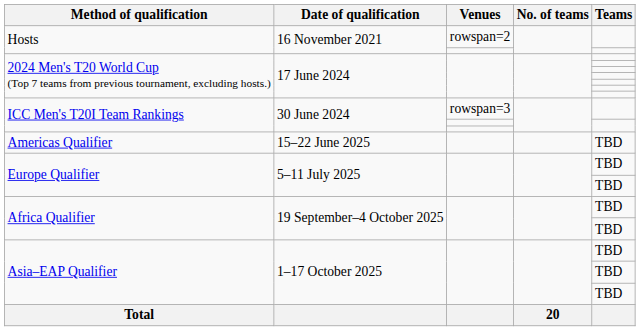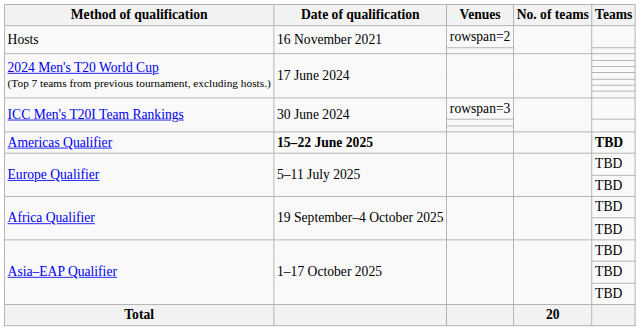 <table class="wikitable">
 <tr>
 <th scope="col">Method of qualification</th>
 <th>Date of qualification</th>
 <th>Venues</th>
 <th>No. of teams</th>
 <th>Teams</th>
 </tr>
 <tr>
 <td rowspan=2>Hosts</td>
 <td rowspan=2>16 November 2021</td>
 <td>rowspan=2 </td>
 <td rowspan=2><strong></strong></td>
 <td></td>
 </tr>
 <tr>
 <td></td>
 </tr>
 <tr>
 <td rowspan=7><a href='#'>2024 Men's T20 World Cup</a><br><small>(Top 7 teams from previous tournament, excluding hosts.)</small></td>
 <td rowspan=7>17 June 2024</td>
 <td rowspan=7><br></td>
 <td rowspan=7><strong></strong></td>
 <td></td>
 </tr>
 <tr>
 <td></td>
 </tr>
 <tr>
 <td></td>
 </tr>
 <tr>
 <td></td>
 </tr>
 <tr>
 <td></td>
 </tr>
 <tr>
 <td></td>
 </tr>
 <tr>
 <td></td>
 </tr>
 <tr>
 <td rowspan=3><a href='#'>ICC Men's T20I Team Rankings</a></td>
 <td rowspan=3>30 June 2024</td>
 <td>rowspan=3 </td>
 <td rowspan=3><strong></strong></td>
 <td></td>
 </tr>
 <tr>
 <td></td>
 </tr>
 <tr>
 <td></td>
 </tr>
 <tr>
 <td><a href='#'>Americas Qualifier</a></td>
-<td>15–22 June 2025</td>
+<td><strong>15–22 June 2025</strong></td>
 <td></td>
 <td><strong></strong></td>
-<td>TBD</td>
+<td><strong>TBD</strong></td>
 </tr>
 <tr>
 <td rowspan=2><a href='#'>Europe Qualifier</a></td>
 <td rowspan=2>5–11 July 2025</td>
 <td rowspan="2"></td>
 <td rowspan="2"><strong></strong></td>
 <td>TBD</td>
 </tr>
 <tr>
 <td>TBD</td>
 </tr>
 <tr>
 <td rowspan=2><a href='#'>Africa Qualifier</a></td>
 <td rowspan=2>19 September–4 October 2025</td>
 <td rowspan=2></td>
 <td rowspan="2"><strong></strong></td>
 <td>TBD</td>
 </tr>
 <tr>
 <td>TBD</td>
 </tr>
 <tr>
 <td rowspan="3"><a href='#'>Asia–EAP Qualifier</a></td>
 <td rowspan="3">1–17 October 2025</td>
 <td rowspan="3"></td>
 <td rowspan="3"><strong></strong></td>
 <td>TBD</td>
 </tr>
 <tr>
 <td>TBD</td>
 </tr>
 <tr>
 <td>TBD</td>
 </tr>
 <tr>
 <th>Total</th>
 <th></th>
 <th></th>
 <th>20</th>
 <th></th>
 </tr>
 </table>
